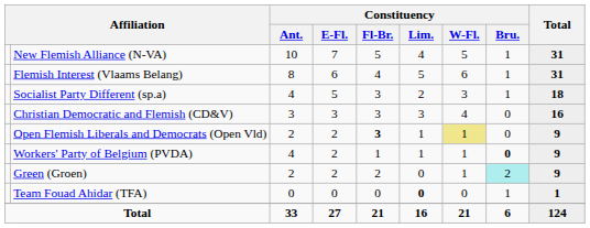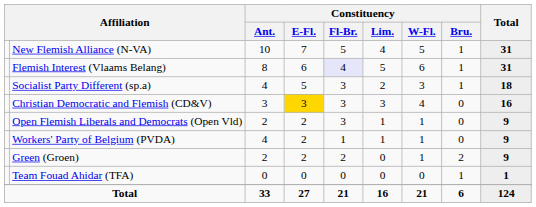 <table class="wikitable" style="text-align:center;">
 <tr>
 <th colspan="2" rowspan="2">Affiliation</th>
 <th colspan="6">Constituency</th>
 <th rowspan="2" style="width:4em;">Total</th>
 </tr>
 <tr>
 <th style="width:3em;"><a href='#'>Ant.</a></th>
 <th style="width:3em;"><a href='#'>E-Fl.</a></th>
 <th style="width:3em;"><a href='#'>Fl-Br.</a></th>
 <th style="width:3em;"><a href='#'>Lim.</a></th>
 <th style="width:3em;"><a href='#'>W-Fl.</a></th>
 <th style="width:3em;"><a href='#'>Bru.</a></th>
 </tr>
 <tr>
 <td></td>
 <td style="text-align:left;"><a href='#'>New Flemish Alliance</a> (N-VA)</td>
 <td>10</td>
 <td>7</td>
 <td>5</td>
 <td>4</td>
 <td>5</td>
 <td>1</td>
 <td style="background-color:#EEEEEE"><strong>31</strong></td>
 </tr>
 <tr>
 <td></td>
 <td style="text-align:left;"><a href='#'>Flemish Interest</a> (Vlaams Belang)</td>
 <td>8</td>
 <td>6</td>
-<td>4</td>
+<td style="background: lavender;">4</td>
 <td>5</td>
 <td>6</td>
 <td>1</td>
 <td style="background-color:#EEEEEE"><strong>31</strong></td>
 </tr>
 <tr>
 <td></td>
 <td style="text-align:left;"><a href='#'>Socialist Party Different</a> (sp.a)</td>
 <td>4</td>
 <td>5</td>
 <td>3</td>
 <td>2</td>
 <td>3</td>
 <td>1</td>
 <td style="background-color:#EEEEEE"><strong>18</strong></td>
 </tr>
 <tr>
 <td></td>
 <td style="text-align:left;"><a href='#'>Christian Democratic and Flemish</a> (CD&V)</td>
 <td>3</td>
-<td>3</td>
+<td style="background: gold;">3</td>
 <td>3</td>
 <td>3</td>
 <td>4</td>
 <td>0</td>
 <td style="background-color:#EEEEEE"><strong>16</strong></td>
 </tr>
 <tr>
 <td></td>
 <td style="text-align:left;"><a href='#'>Open Flemish Liberals and Democrats</a> (Open Vld)</td>
 <td>2</td>
 <td>2</td>
-<td><strong>3</strong></td>
+<td>3</td>
 <td>1</td>
-<td style="background: khaki;">1</td>
+<td>1</td>
 <td>0</td>
 <td style="background-color:#EEEEEE"><strong>9</strong></td>
 </tr>
 <tr>
 <td></td>
 <td style="text-align:left;"><a href='#'>Workers' Party of Belgium</a> (PVDA)</td>
 <td>4</td>
 <td>2</td>
 <td>1</td>
 <td>1</td>
 <td>1</td>
-<td><strong>0</strong></td>
+<td>0</td>
 <td style="background-color:#EEEEEE"><strong>9</strong></td>
 </tr>
 <tr>
 <td></td>
 <td style="text-align:left;"><a href='#'>Green</a> (Groen)</td>
 <td>2</td>
 <td>2</td>
 <td>2</td>
 <td>0</td>
 <td>1</td>
-<td style="background: paleturquoise;">2</td>
+<td>2</td>
 <td style="background-color:#EEEEEE"><strong>9</strong></td>
 </tr>
 <tr>
 <td></td>
 <td style="text-align:left;"><a href='#'>Team Fouad Ahidar</a> (TFA)</td>
 <td>0</td>
 <td>0</td>
 <td>0</td>
-<td><strong>0</strong></td>
+<td>0</td>
 <td>0</td>
 <td>1</td>
 <td style="background-color:#EEEEEE"><strong>1</strong></td>
 </tr>
 <tr>
 </tr>
 <tr style="font-weight:bold;">
 <td colspan="2">Total</td>
 <td>33</td>
 <td>27</td>
 <td>21</td>
 <td>16</td>
 <td>21</td>
 <td>6</td>
 <td style="background-color:#EEEEEE">124</td>
 </tr>
 </table>
